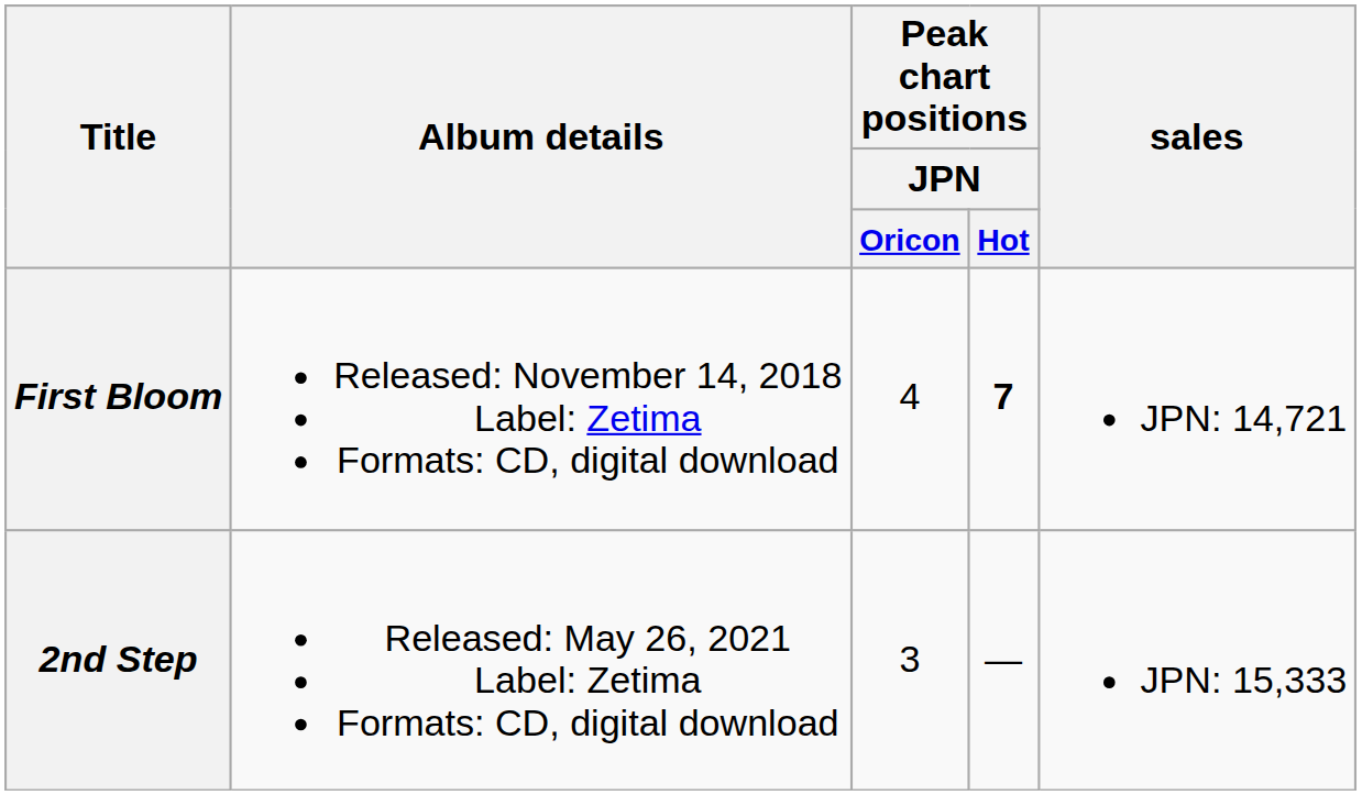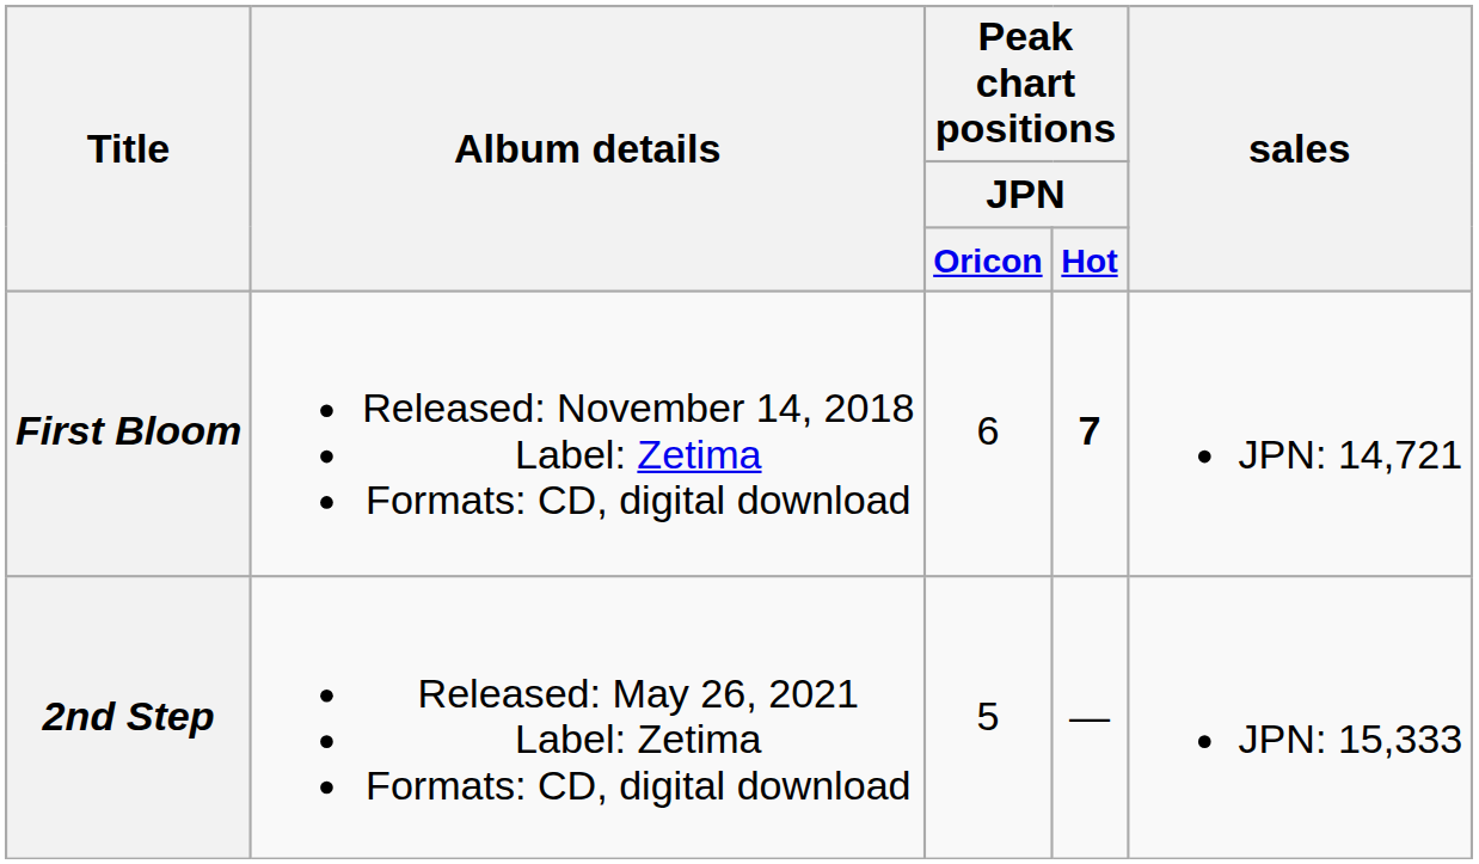 <table class="wikitable plainrowheaders" style="text-align:center;">
 <tr>
 <th scope="col" rowspan="3">Title</th>
 <th scope="col" rowspan="3">Album details</th>
 <th scope="col" colspan="2">Peak <br> chart <br> positions</th>
 <th scope="col" rowspan="3">sales</th>
 </tr>
 <tr>
 <th colspan="2">JPN</th>
 </tr>
 <tr>
 <th scope="col" colspan="1"><small><a href='#'>Oricon</a></small></th>
 <th scope="col" colspan="1"><small><a href='#'>Hot</a></small></th>
 </tr>
 <tr>
 <th scope="row"><em>First Bloom</em></th>
 <td><br><ul><li>Released: November 14, 2018</li><li>Label: <a href='#'>Zetima</a></li><li>Formats: CD, digital download</li></ul></td>
-<td>4</td>
+<td>6</td>
 <td><strong>7</strong></td>
 <td><br><ul><li>JPN: 14,721</li></ul></td>
 </tr>
 <tr>
 <th scope="row"><em>2nd Step</em></th>
 <td><br><ul><li>Released: May 26, 2021</li><li>Label: Zetima</li><li>Formats: CD, digital download</li></ul></td>
-<td>3</td>
+<td>5</td>
 <td>—</td>
 <td><br><ul><li>JPN: 15,333</li></ul></td>
 </tr>
 </table>
